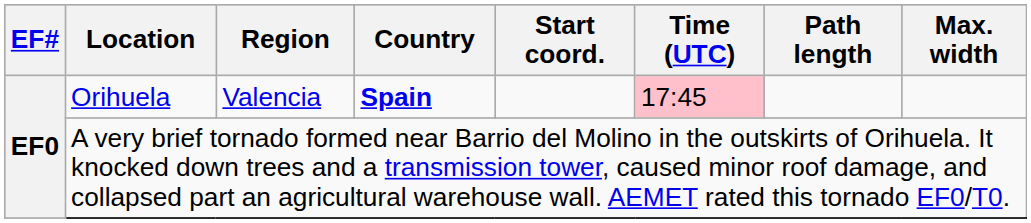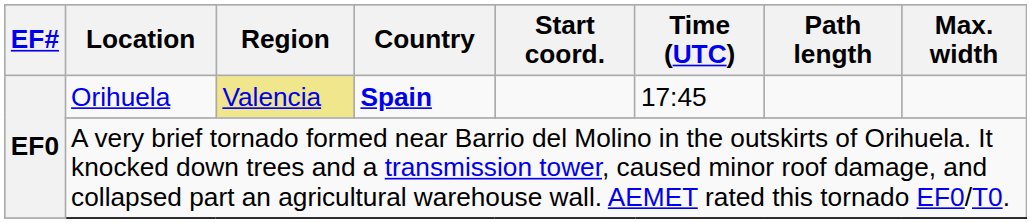 <table class="wikitable sortable" style="width:100%;">
 <tr>
 <th scope="col" width="2%" align="center"><a href='#'>EF#</a></th>
 <th scope="col" align="center" class="unsortable">Location</th>
 <th scope="col" align="center" class="unsortable">Region</th>
 <th scope="col" align="center">Country</th>
 <th scope="col" align="center">Start coord.</th>
 <th scope="col" align="center">Time (<a href='#'>UTC</a>)</th>
 <th scope="col" align="center">Path length</th>
 <th scope="col" align="center">Max. width</th>
 </tr>
 <tr>
 <th scope="row" rowspan="2" style="background-color:#">EF0</th>
 <td><a href='#'>Orihuela</a></td>
-<td><a href='#'>Valencia</a></td>
+<td style="background: khaki;"><a href='#'>Valencia</a></td>
 <td><strong><a href='#'>Spain</a></strong></td>
 <td></td>
-<td style="background: pink;">17:45</td>
+<td>17:45</td>
 <td></td>
 <td></td>
 </tr>
 <tr class="expand-child">
 <td colspan="8" style=" border-bottom: 1px solid black;">A very brief tornado formed near Barrio del Molino in the outskirts of Orihuela. It knocked down trees and a <a href='#'>transmission tower</a>, caused minor roof damage, and collapsed part an agricultural warehouse wall. <a href='#'>AEMET</a> rated this tornado <a href='#'>EF0</a>/<a href='#'>T0</a>.</td>
 </tr>
 </table>
